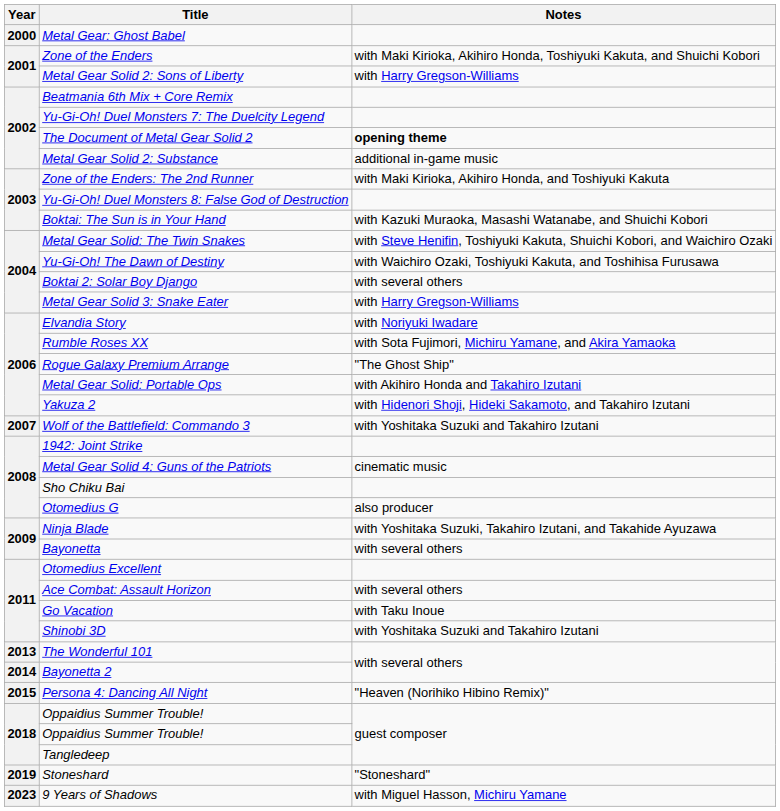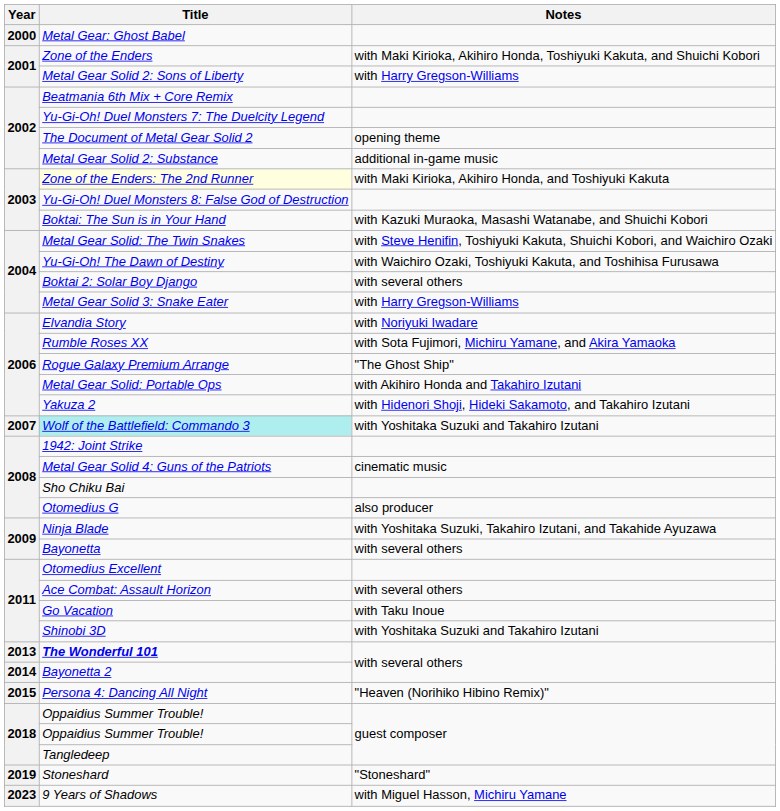 <table class="wikitable sortable">
 <tr>
 <th>Year</th>
 <th>Title</th>
 <th>Notes</th>
 </tr>
 <tr>
 <th>2000</th>
 <td><em><a href='#'>Metal Gear: Ghost Babel</a></em></td>
 <td></td>
 </tr>
 <tr>
 <th rowspan="2">2001</th>
 <td><em><a href='#'>Zone of the Enders</a></em></td>
 <td>with Maki Kirioka, Akihiro Honda, Toshiyuki Kakuta, and Shuichi Kobori</td>
 </tr>
 <tr>
 <td><em><a href='#'>Metal Gear Solid 2: Sons of Liberty</a></em></td>
 <td>with <a href='#'>Harry Gregson-Williams</a></td>
 </tr>
 <tr>
 <th rowspan="4">2002</th>
 <td><em><a href='#'>Beatmania 6th Mix + Core Remix</a></em></td>
 <td></td>
 </tr>
 <tr>
 <td><em><a href='#'>Yu-Gi-Oh! Duel Monsters 7: The Duelcity Legend</a></em></td>
 <td></td>
 </tr>
 <tr>
 <td><em><a href='#'>The Document of Metal Gear Solid 2</a></em></td>
-<td><strong>opening theme</strong></td>
+<td>opening theme</td>
 </tr>
 <tr>
 <td><em><a href='#'>Metal Gear Solid 2: Substance</a></em></td>
 <td>additional in-game music</td>
 </tr>
 <tr>
 <th rowspan="3">2003</th>
-<td><em><a href='#'>Zone of the Enders: The 2nd Runner</a></em></td>
+<td style="background: lightyellow;"><em><a href='#'>Zone of the Enders: The 2nd Runner</a></em></td>
 <td>with Maki Kirioka, Akihiro Honda, and Toshiyuki Kakuta</td>
 </tr>
 <tr>
 <td><em><a href='#'>Yu-Gi-Oh! Duel Monsters 8: False God of Destruction</a></em></td>
 <td></td>
 </tr>
 <tr>
 <td><em><a href='#'>Boktai: The Sun is in Your Hand</a></em></td>
 <td>with Kazuki Muraoka, Masashi Watanabe, and Shuichi Kobori</td>
 </tr>
 <tr>
 <th rowspan="4">2004</th>
 <td><em><a href='#'>Metal Gear Solid: The Twin Snakes</a></em></td>
 <td>with <a href='#'>Steve Henifin</a>, Toshiyuki Kakuta, Shuichi Kobori, and Waichiro Ozaki</td>
 </tr>
 <tr>
 <td><em><a href='#'>Yu-Gi-Oh! The Dawn of Destiny</a></em></td>
 <td>with Waichiro Ozaki, Toshiyuki Kakuta, and Toshihisa Furusawa</td>
 </tr>
 <tr>
 <td><em><a href='#'>Boktai 2: Solar Boy Django</a></em></td>
 <td>with several others</td>
 </tr>
 <tr>
 <td><em><a href='#'>Metal Gear Solid 3: Snake Eater</a></em></td>
 <td>with <a href='#'>Harry Gregson-Williams</a></td>
 </tr>
 <tr>
 <th rowspan="5">2006</th>
 <td><em><a href='#'>Elvandia Story</a></em></td>
 <td>with <a href='#'>Noriyuki Iwadare</a></td>
 </tr>
 <tr>
 <td><em><a href='#'>Rumble Roses XX</a></em></td>
 <td>with Sota Fujimori, <a href='#'>Michiru Yamane</a>, and <a href='#'>Akira Yamaoka</a></td>
 </tr>
 <tr>
 <td><em><a href='#'>Rogue Galaxy Premium Arrange</a></em></td>
 <td>"The Ghost Ship"</td>
 </tr>
 <tr>
 <td><em><a href='#'>Metal Gear Solid: Portable Ops</a></em></td>
 <td>with Akihiro Honda and <a href='#'>Takahiro Izutani</a></td>
 </tr>
 <tr>
 <td><em><a href='#'>Yakuza 2</a></em></td>
 <td>with <a href='#'>Hidenori Shoji</a>, <a href='#'>Hideki Sakamoto</a>, and Takahiro Izutani</td>
 </tr>
 <tr>
 <th>2007</th>
-<td><em><a href='#'>Wolf of the Battlefield: Commando 3</a></em></td>
+<td style="background: paleturquoise;"><em><a href='#'>Wolf of the Battlefield: Commando 3</a></em></td>
 <td>with Yoshitaka Suzuki and Takahiro Izutani</td>
 </tr>
 <tr>
 <th rowspan="4">2008</th>
 <td><em><a href='#'>1942: Joint Strike</a></em></td>
 <td></td>
 </tr>
 <tr>
 <td><em><a href='#'>Metal Gear Solid 4: Guns of the Patriots</a></em></td>
 <td>cinematic music</td>
 </tr>
 <tr>
 <td><em>Sho Chiku Bai</em></td>
 <td></td>
 </tr>
 <tr>
 <td><em><a href='#'>Otomedius G</a></em></td>
 <td>also producer</td>
 </tr>
 <tr>
 <th rowspan="2">2009</th>
 <td><em><a href='#'>Ninja Blade</a></em></td>
 <td>with Yoshitaka Suzuki, Takahiro Izutani, and Takahide Ayuzawa</td>
 </tr>
 <tr>
 <td><em><a href='#'>Bayonetta</a></em></td>
 <td>with several others</td>
 </tr>
 <tr>
 <th rowspan="4">2011</th>
 <td><em><a href='#'>Otomedius Excellent</a></em></td>
 <td></td>
 </tr>
 <tr>
 <td><em><a href='#'>Ace Combat: Assault Horizon</a></em></td>
 <td>with several others</td>
 </tr>
 <tr>
 <td><em><a href='#'>Go Vacation</a></em></td>
 <td>with Taku Inoue</td>
 </tr>
 <tr>
 <td><em><a href='#'>Shinobi 3D</a></em></td>
 <td>with Yoshitaka Suzuki and Takahiro Izutani</td>
 </tr>
 <tr>
 <th>2013</th>
-<td><em><a href='#'>The Wonderful 101</a></em></td>
+<td><strong><em><a href='#'>The Wonderful 101</a></em></strong></td>
 <td rowspan="2">with several others</td>
 </tr>
 <tr>
 <th>2014</th>
 <td><em><a href='#'>Bayonetta 2</a></em></td>
 </tr>
 <tr>
 <th>2015</th>
 <td><em><a href='#'>Persona 4: Dancing All Night</a></em></td>
 <td>"Heaven (Norihiko Hibino Remix)"</td>
 </tr>
 <tr>
 <th rowspan="3">2018</th>
 <td><em>Oppaidius Summer Trouble!</em></td>
 <td rowspan="3">guest composer</td>
 </tr>
 <tr>
 <td><em>Oppaidius Summer Trouble!</em></td>
 </tr>
 <tr>
 <td><em>Tangledeep</em></td>
 </tr>
 <tr>
 <th>2019</th>
 <td><em>Stoneshard</em></td>
 <td>"Stoneshard"</td>
 </tr>
 <tr>
 <th>2023</th>
 <td><em>9 Years of Shadows</em></td>
 <td>with Miguel Hasson, <a href='#'>Michiru Yamane</a></td>
 </tr>
 </table>
